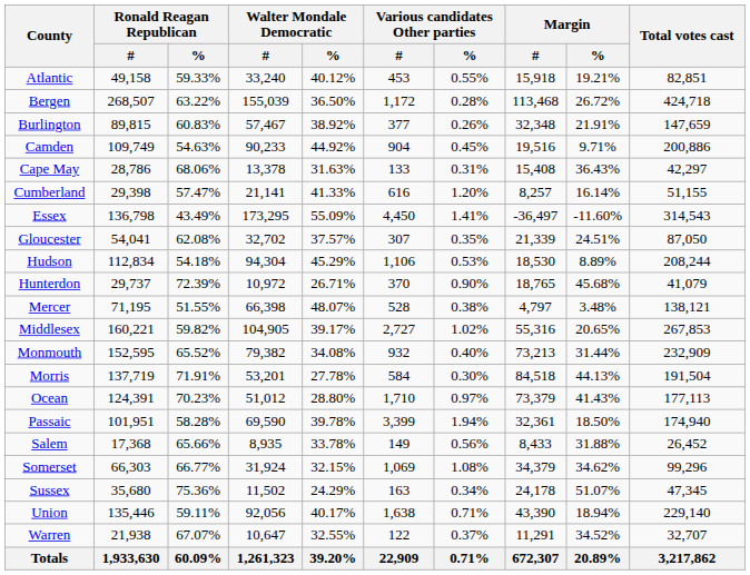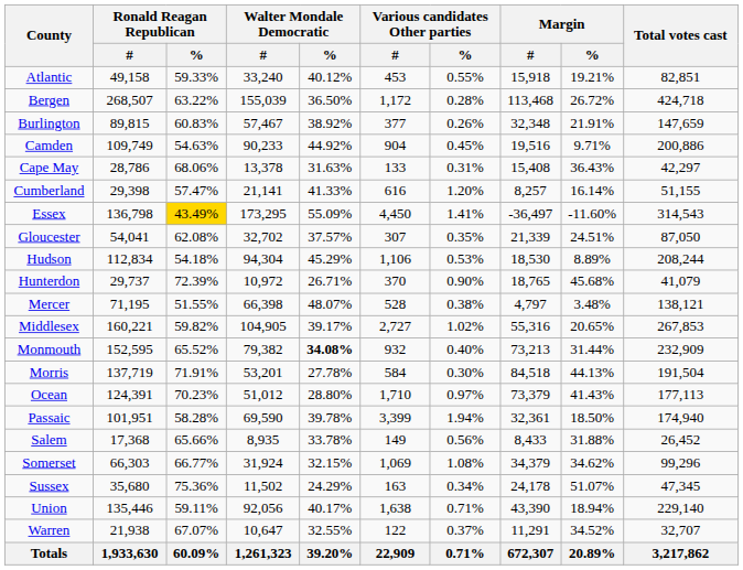 <table width="65%" class="wikitable sortable" style="text-align:center">
 <tr>
 <th colspan="1" rowspan="2">County</th>
 <th style="text-align:center;" colspan="2">Ronald Reagan<br>Republican</th>
 <th style="text-align:center;" colspan="2">Walter Mondale<br>Democratic</th>
 <th style="text-align:center;" colspan="2">Various candidates<br>Other parties</th>
 <th style="text-align:center;" colspan="2">Margin</th>
 <th colspan="1" rowspan="2" style="text-align:center;">Total votes cast</th>
 </tr>
 <tr>
 <th style="text-align:center;" data-sort-type="number">#</th>
 <th style="text-align:center;" data-sort-type="number">%</th>
 <th style="text-align:center;" data-sort-type="number">#</th>
 <th style="text-align:center;" data-sort-type="number">%</th>
 <th style="text-align:center;" data-sort-type="number">#</th>
 <th style="text-align:center;" data-sort-type="number">%</th>
 <th style="text-align:center;" data-sort-type="number">#</th>
 <th style="text-align:center;" data-sort-type="number">%</th>
 </tr>
 <tr style="text-align:center;">
 <td><a href='#'>Atlantic</a></td>
 <td>49,158</td>
 <td>59.33%</td>
 <td>33,240</td>
 <td>40.12%</td>
 <td>453</td>
 <td>0.55%</td>
 <td>15,918</td>
 <td>19.21%</td>
 <td>82,851</td>
 </tr>
 <tr style="text-align:center;">
 <td><a href='#'>Bergen</a></td>
 <td>268,507</td>
 <td>63.22%</td>
 <td>155,039</td>
 <td>36.50%</td>
 <td>1,172</td>
 <td>0.28%</td>
 <td>113,468</td>
 <td>26.72%</td>
 <td>424,718</td>
 </tr>
 <tr style="text-align:center;">
 <td><a href='#'>Burlington</a></td>
 <td>89,815</td>
 <td>60.83%</td>
 <td>57,467</td>
 <td>38.92%</td>
 <td>377</td>
 <td>0.26%</td>
 <td>32,348</td>
 <td>21.91%</td>
 <td>147,659</td>
 </tr>
 <tr style="text-align:center;">
 <td><a href='#'>Camden</a></td>
 <td>109,749</td>
 <td>54.63%</td>
 <td>90,233</td>
 <td>44.92%</td>
 <td>904</td>
 <td>0.45%</td>
 <td>19,516</td>
 <td>9.71%</td>
 <td>200,886</td>
 </tr>
 <tr style="text-align:center;">
 <td><a href='#'>Cape May</a></td>
 <td>28,786</td>
 <td>68.06%</td>
 <td>13,378</td>
 <td>31.63%</td>
 <td>133</td>
 <td>0.31%</td>
 <td>15,408</td>
 <td>36.43%</td>
 <td>42,297</td>
 </tr>
 <tr style="text-align:center;">
 <td><a href='#'>Cumberland</a></td>
 <td>29,398</td>
 <td>57.47%</td>
 <td>21,141</td>
 <td>41.33%</td>
 <td>616</td>
 <td>1.20%</td>
 <td>8,257</td>
 <td>16.14%</td>
 <td>51,155</td>
 </tr>
 <tr style="text-align:center;">
 <td><a href='#'>Essex</a></td>
 <td>136,798</td>
-<td>43.49%</td>
+<td style="background: gold;">43.49%</td>
 <td>173,295</td>
 <td>55.09%</td>
 <td>4,450</td>
 <td>1.41%</td>
 <td>-36,497</td>
 <td>-11.60%</td>
 <td>314,543</td>
 </tr>
 <tr style="text-align:center;">
 <td><a href='#'>Gloucester</a></td>
 <td>54,041</td>
 <td>62.08%</td>
 <td>32,702</td>
 <td>37.57%</td>
 <td>307</td>
 <td>0.35%</td>
 <td>21,339</td>
 <td>24.51%</td>
 <td>87,050</td>
 </tr>
 <tr style="text-align:center;">
 <td><a href='#'>Hudson</a></td>
 <td>112,834</td>
 <td>54.18%</td>
 <td>94,304</td>
 <td>45.29%</td>
 <td>1,106</td>
 <td>0.53%</td>
 <td>18,530</td>
 <td>8.89%</td>
 <td>208,244</td>
 </tr>
 <tr style="text-align:center;">
 <td><a href='#'>Hunterdon</a></td>
 <td>29,737</td>
 <td>72.39%</td>
 <td>10,972</td>
 <td>26.71%</td>
 <td>370</td>
 <td>0.90%</td>
 <td>18,765</td>
 <td>45.68%</td>
 <td>41,079</td>
 </tr>
 <tr style="text-align:center;">
 <td><a href='#'>Mercer</a></td>
 <td>71,195</td>
 <td>51.55%</td>
 <td>66,398</td>
 <td>48.07%</td>
 <td>528</td>
 <td>0.38%</td>
 <td>4,797</td>
 <td>3.48%</td>
 <td>138,121</td>
 </tr>
 <tr style="text-align:center;">
 <td><a href='#'>Middlesex</a></td>
 <td>160,221</td>
 <td>59.82%</td>
 <td>104,905</td>
 <td>39.17%</td>
 <td>2,727</td>
 <td>1.02%</td>
 <td>55,316</td>
 <td>20.65%</td>
 <td>267,853</td>
 </tr>
 <tr style="text-align:center;">
 <td><a href='#'>Monmouth</a></td>
 <td>152,595</td>
 <td>65.52%</td>
 <td>79,382</td>
-<td>34.08%</td>
+<td><strong>34.08%</strong></td>
 <td>932</td>
 <td>0.40%</td>
 <td>73,213</td>
 <td>31.44%</td>
 <td>232,909</td>
 </tr>
 <tr style="text-align:center;">
 <td><a href='#'>Morris</a></td>
 <td>137,719</td>
 <td>71.91%</td>
 <td>53,201</td>
 <td>27.78%</td>
 <td>584</td>
 <td>0.30%</td>
 <td>84,518</td>
 <td>44.13%</td>
 <td>191,504</td>
 </tr>
 <tr style="text-align:center;">
 <td><a href='#'>Ocean</a></td>
 <td>124,391</td>
 <td>70.23%</td>
 <td>51,012</td>
 <td>28.80%</td>
 <td>1,710</td>
 <td>0.97%</td>
 <td>73,379</td>
 <td>41.43%</td>
 <td>177,113</td>
 </tr>
 <tr style="text-align:center;">
 <td><a href='#'>Passaic</a></td>
 <td>101,951</td>
 <td>58.28%</td>
 <td>69,590</td>
 <td>39.78%</td>
 <td>3,399</td>
 <td>1.94%</td>
 <td>32,361</td>
 <td>18.50%</td>
 <td>174,940</td>
 </tr>
 <tr style="text-align:center;">
 <td><a href='#'>Salem</a></td>
 <td>17,368</td>
 <td>65.66%</td>
 <td>8,935</td>
 <td>33.78%</td>
 <td>149</td>
 <td>0.56%</td>
 <td>8,433</td>
 <td>31.88%</td>
 <td>26,452</td>
 </tr>
 <tr style="text-align:center;">
 <td><a href='#'>Somerset</a></td>
 <td>66,303</td>
 <td>66.77%</td>
 <td>31,924</td>
 <td>32.15%</td>
 <td>1,069</td>
 <td>1.08%</td>
 <td>34,379</td>
 <td>34.62%</td>
 <td>99,296</td>
 </tr>
 <tr style="text-align:center;">
 <td><a href='#'>Sussex</a></td>
 <td>35,680</td>
 <td>75.36%</td>
 <td>11,502</td>
 <td>24.29%</td>
 <td>163</td>
 <td>0.34%</td>
 <td>24,178</td>
 <td>51.07%</td>
 <td>47,345</td>
 </tr>
 <tr style="text-align:center;">
 <td><a href='#'>Union</a></td>
 <td>135,446</td>
 <td>59.11%</td>
 <td>92,056</td>
 <td>40.17%</td>
 <td>1,638</td>
 <td>0.71%</td>
 <td>43,390</td>
 <td>18.94%</td>
 <td>229,140</td>
 </tr>
 <tr style="text-align:center;">
 <td><a href='#'>Warren</a></td>
 <td>21,938</td>
 <td>67.07%</td>
 <td>10,647</td>
 <td>32.55%</td>
 <td>122</td>
 <td>0.37%</td>
 <td>11,291</td>
 <td>34.52%</td>
 <td>32,707</td>
 </tr>
 <tr style="text-align:center;">
 <th>Totals</th>
 <th>1,933,630</th>
 <th>60.09%</th>
 <th>1,261,323</th>
 <th>39.20%</th>
 <th>22,909</th>
 <th>0.71%</th>
 <th>672,307</th>
 <th>20.89%</th>
 <th>3,217,862</th>
 </tr>
 </table>
